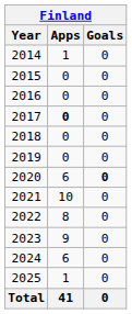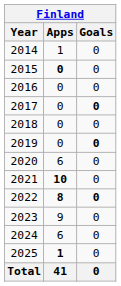 <table class=wikitable style=text-align:center>
 <tr>
 <th colspan=12><a href='#'>Finland</a></th>
 </tr>
 <tr>
 <th>Year</th>
 <th>Apps</th>
 <th>Goals</th>
 </tr>
 <tr>
 <td>2014</td>
 <td>1</td>
 <td>0</td>
 </tr>
 <tr>
 <td>2015</td>
-<td>0</td>
+<td><strong>0</strong></td>
 <td>0</td>
 </tr>
 <tr>
 <td>2016</td>
 <td>0</td>
 <td>0</td>
 </tr>
 <tr>
 <td>2017</td>
+<td>0</td>
 <td><strong>0</strong></td>
-<td>0</td>
 </tr>
 <tr>
 <td>2018</td>
 <td>0</td>
 <td>0</td>
 </tr>
 <tr>
 <td>2019</td>
 <td>0</td>
-<td>0</td>
+<td><strong>0</strong></td>
 </tr>
 <tr>
 <td>2020</td>
 <td>6</td>
-<td><strong>0</strong></td>
+<td>0</td>
 </tr>
 <tr>
 <td>2021</td>
-<td>10</td>
+<td><strong>10</strong></td>
 <td>0</td>
 </tr>
 <tr>
 <td>2022</td>
-<td>8</td>
-<td>0</td>
+<td><strong>8</strong></td>
+<td><strong>0</strong></td>
 </tr>
 <tr>
 <td>2023</td>
 <td>9</td>
 <td>0</td>
 </tr>
 <tr>
 <td>2024</td>
 <td>6</td>
 <td>0</td>
 </tr>
 <tr>
 <td>2025</td>
-<td>1</td>
+<td><strong>1</strong></td>
 <td>0</td>
 </tr>
 <tr>
 <th colspan=1>Total</th>
 <th>41</th>
 <th>0</th>
 </tr>
 </table>
